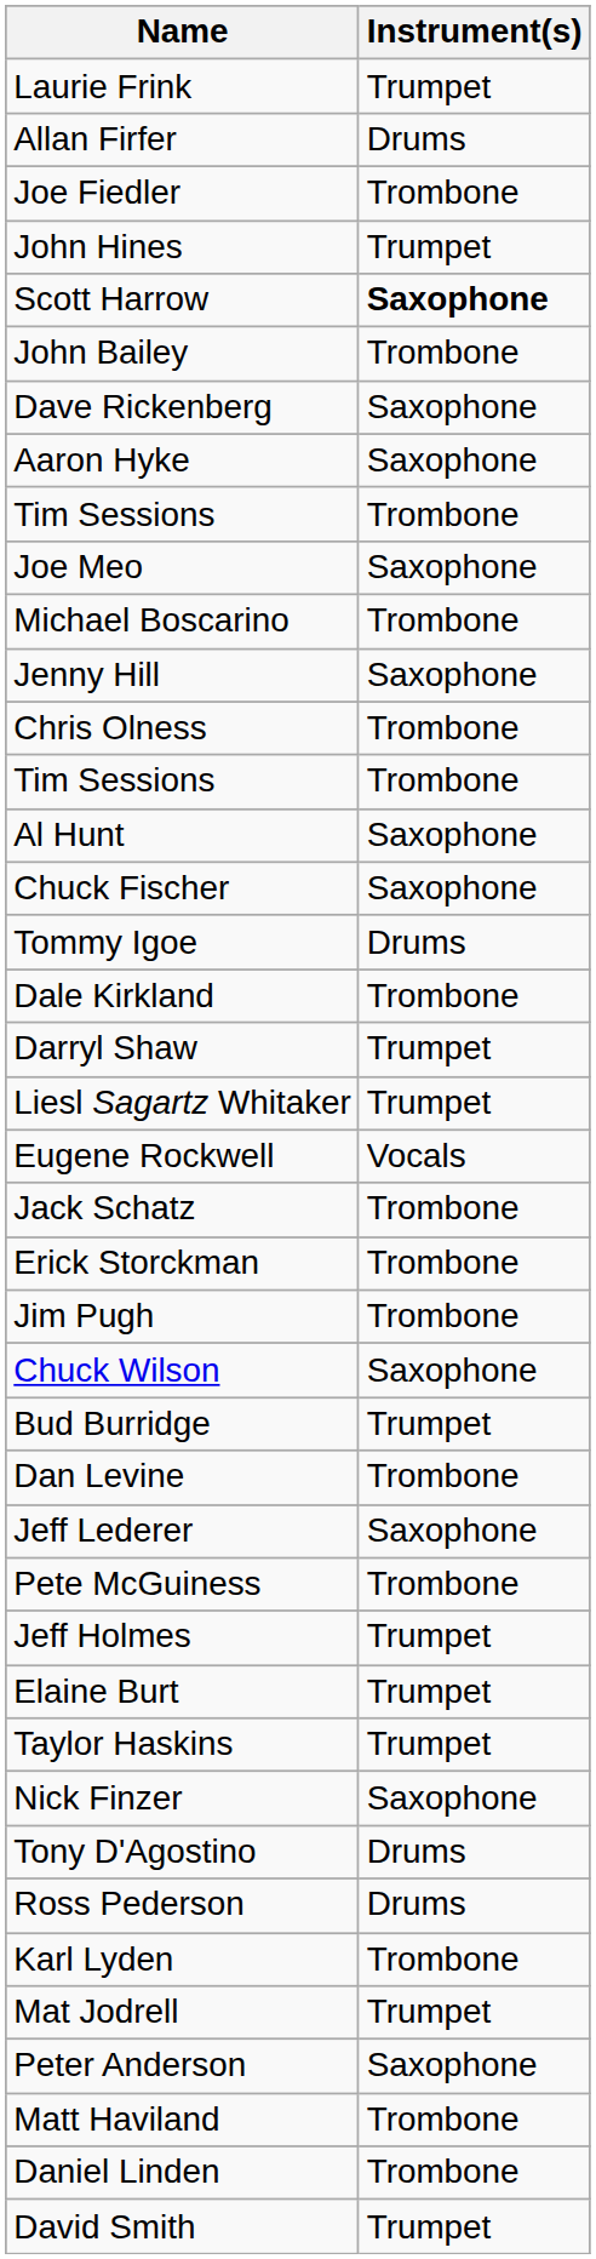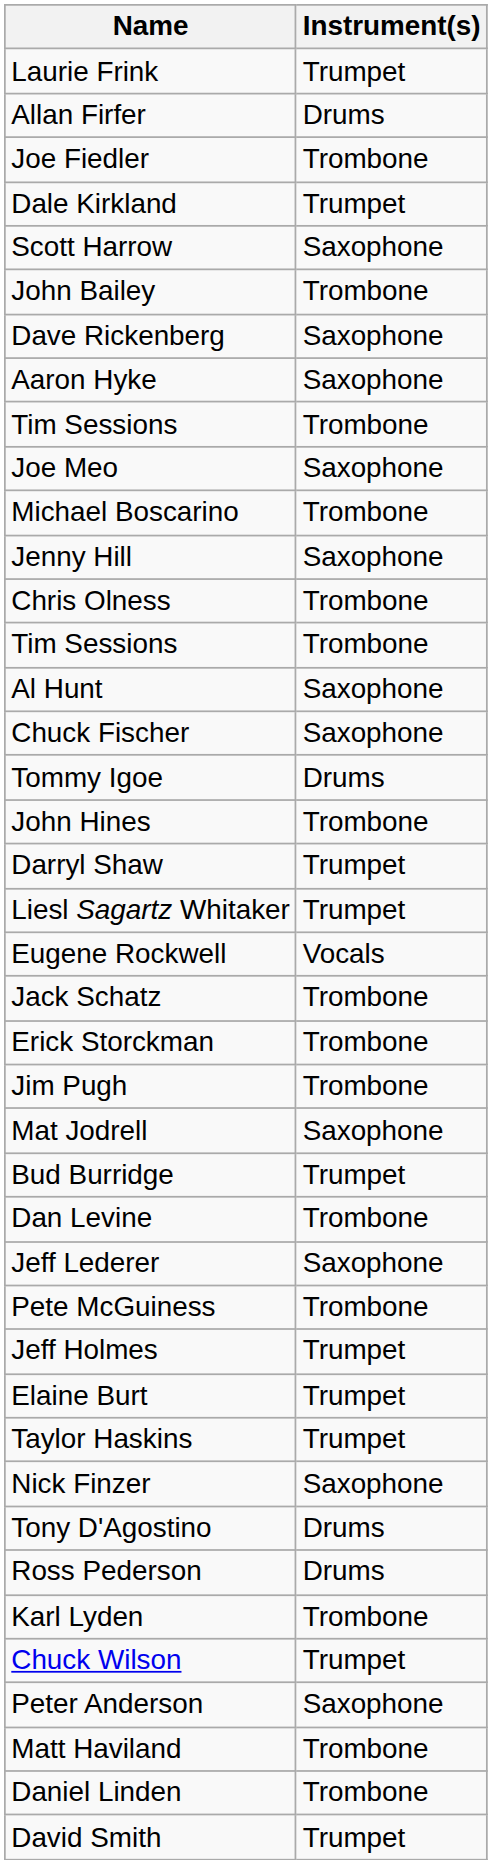 <table class="wikitable">
 <tr>
 <th>Name</th>
 <th>Instrument(s)</th>
 </tr>
 <tr>
 <td>Laurie Frink</td>
 <td>Trumpet</td>
 </tr>
 <tr>
 <td>Allan Firfer</td>
 <td>Drums</td>
 </tr>
 <tr>
 <td>Joe Fiedler</td>
 <td>Trombone</td>
 </tr>
 <tr>
-<td>John Hines</td>
+<td>Dale Kirkland</td>
 <td>Trumpet</td>
 </tr>
 <tr>
 <td>Scott Harrow</td>
-<td><strong>Saxophone</strong></td>
+<td>Saxophone</td>
 </tr>
 <tr>
 <td>John Bailey</td>
 <td>Trombone</td>
 </tr>
 <tr>
 <td>Dave Rickenberg</td>
 <td>Saxophone</td>
 </tr>
 <tr>
 <td>Aaron Hyke</td>
 <td>Saxophone</td>
 </tr>
 <tr>
 <td>Tim Sessions</td>
 <td>Trombone</td>
 </tr>
 <tr>
 <td>Joe Meo</td>
 <td>Saxophone</td>
 </tr>
 <tr>
 <td>Michael Boscarino</td>
 <td>Trombone</td>
 </tr>
 <tr>
 <td>Jenny Hill</td>
 <td>Saxophone</td>
 </tr>
 <tr>
 <td>Chris Olness</td>
 <td>Trombone</td>
 </tr>
 <tr>
 <td>Tim Sessions</td>
 <td>Trombone</td>
 </tr>
 <tr>
 <td>Al Hunt</td>
 <td>Saxophone</td>
 </tr>
 <tr>
 <td>Chuck Fischer</td>
 <td>Saxophone</td>
 </tr>
 <tr>
 <td>Tommy Igoe</td>
 <td>Drums</td>
 </tr>
 <tr>
-<td>Dale Kirkland</td>
+<td>John Hines</td>
 <td>Trombone</td>
 </tr>
 <tr>
 <td>Darryl Shaw</td>
 <td>Trumpet</td>
 </tr>
 <tr>
 <td>Liesl <em>Sagartz</em> Whitaker</td>
 <td>Trumpet</td>
 </tr>
 <tr>
 <td>Eugene Rockwell</td>
 <td>Vocals</td>
 </tr>
 <tr>
 <td>Jack Schatz</td>
 <td>Trombone</td>
 </tr>
 <tr>
 <td>Erick Storckman</td>
 <td>Trombone</td>
 </tr>
 <tr>
 <td>Jim Pugh</td>
 <td>Trombone</td>
 </tr>
 <tr>
-<td><a href='#'>Chuck Wilson</a></td>
+<td>Mat Jodrell</td>
 <td>Saxophone</td>
 </tr>
 <tr>
 <td>Bud Burridge</td>
 <td>Trumpet</td>
 </tr>
 <tr>
 <td>Dan Levine</td>
 <td>Trombone</td>
 </tr>
 <tr>
 <td>Jeff Lederer</td>
 <td>Saxophone</td>
 </tr>
 <tr>
 <td>Pete McGuiness</td>
 <td>Trombone</td>
 </tr>
 <tr>
 <td>Jeff Holmes</td>
 <td>Trumpet</td>
 </tr>
 <tr>
 <td>Elaine Burt</td>
 <td>Trumpet</td>
 </tr>
 <tr>
 <td>Taylor Haskins</td>
 <td>Trumpet</td>
 </tr>
 <tr>
 <td>Nick Finzer</td>
 <td>Saxophone</td>
 </tr>
 <tr>
 <td>Tony D'Agostino</td>
 <td>Drums</td>
 </tr>
 <tr>
 <td>Ross Pederson</td>
 <td>Drums</td>
 </tr>
 <tr>
 <td>Karl Lyden</td>
 <td>Trombone</td>
 </tr>
 <tr>
-<td>Mat Jodrell</td>
+<td><a href='#'>Chuck Wilson</a></td>
 <td>Trumpet</td>
 </tr>
 <tr>
 <td>Peter Anderson</td>
 <td>Saxophone</td>
 </tr>
 <tr>
 <td>Matt Haviland</td>
 <td>Trombone</td>
 </tr>
 <tr>
 <td>Daniel Linden</td>
 <td>Trombone</td>
 </tr>
 <tr>
 <td>David Smith</td>
 <td>Trumpet</td>
 </tr>
 </table>
